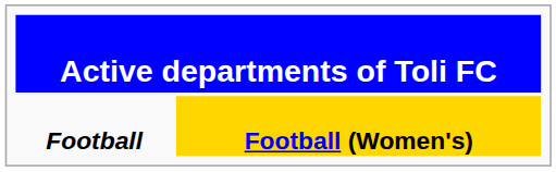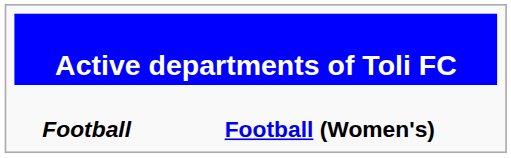 <table class="infobox" style="font-size: 88%; width: 22em; text-align: center">
 <tr>
 <th colspan=3 style="font-size: 125%; background-color:blue; color:white; text-align:center;"><br>Active departments of Toli FC</th>
 </tr>
 <tr style="text-align: center">
 <td><br><strong><em>Football</em></strong></td>
-<td style="background: gold;"><br><strong><a href='#'>Football</a> (Women's)</strong></td>
+<td><br><strong><a href='#'>Football</a> (Women's)</strong></td>
 </tr>
 </table>
